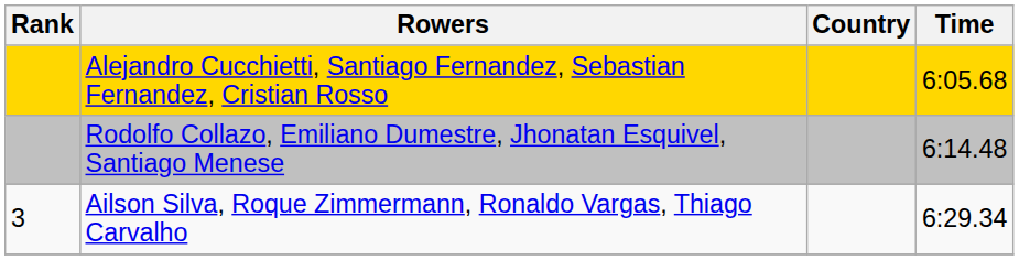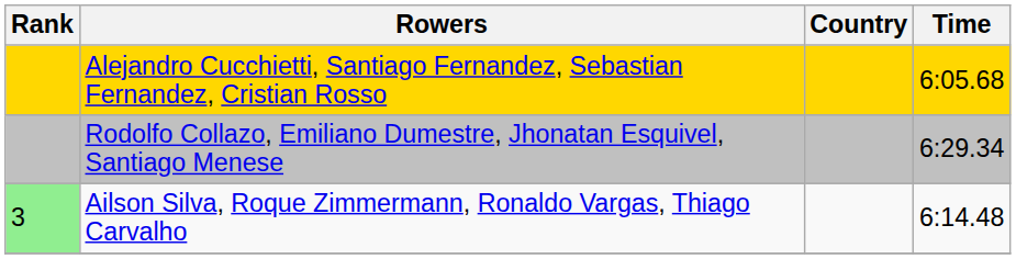 <table class="wikitable" width=50%>
 <tr>
 <th>Rank</th>
 <th>Rowers</th>
 <th>Country</th>
 <th>Time</th>
 </tr>
 <tr bgcolor=gold>
 <td></td>
 <td><a href='#'>Alejandro Cucchietti</a>, <a href='#'>Santiago Fernandez</a>, <a href='#'>Sebastian Fernandez</a>, <a href='#'>Cristian Rosso</a></td>
 <td></td>
 <td>6:05.68</td>
 </tr>
 <tr bgcolor=silver>
 <td></td>
 <td><a href='#'>Rodolfo Collazo</a>, <a href='#'>Emiliano Dumestre</a>, <a href='#'>Jhonatan Esquivel</a>, <a href='#'>Santiago Menese</a></td>
 <td></td>
-<td>6:14.48</td>
+<td>6:29.34</td>
 </tr>
 <tr>
-<td>3</td>
+<td style="background: lightgreen;">3</td>
 <td><a href='#'>Ailson Silva</a>, <a href='#'>Roque Zimmermann</a>, <a href='#'>Ronaldo Vargas</a>, <a href='#'>Thiago Carvalho</a></td>
 <td></td>
-<td>6:29.34</td>
+<td>6:14.48</td>
 </tr>
 <tr>
 </tr>
 </table>
